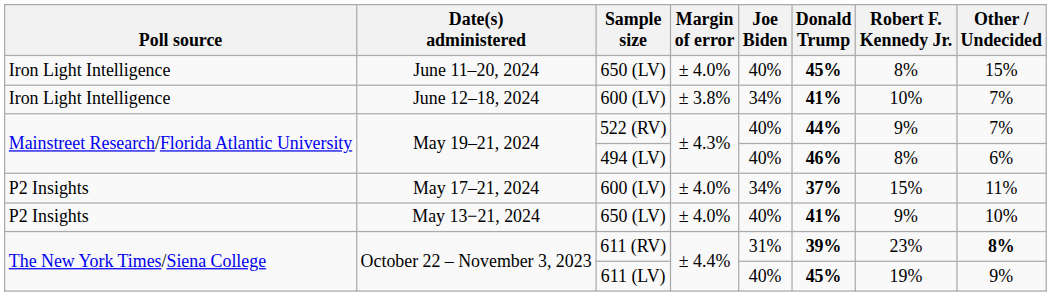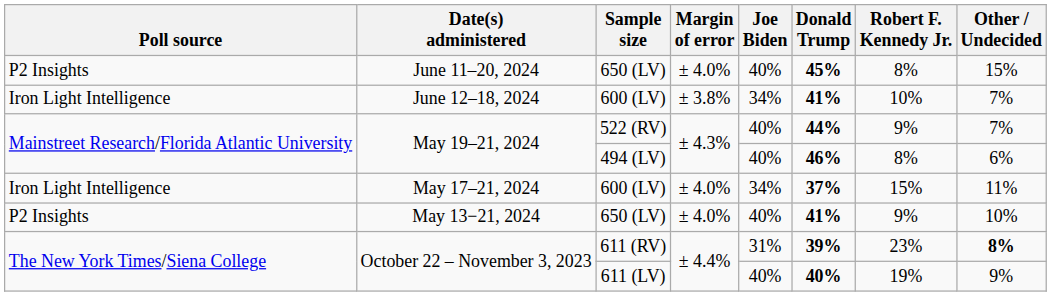 <table class="wikitable sortable mw-datatable" style="font-size:90%;text-align:center;line-height:17px">
 <tr valign=bottom>
 <th>Poll source</th>
 <th>Date(s)<br>administered</th>
 <th>Sample<br>size</th>
 <th>Margin<br>of error</th>
 <th class="unsortable">Joe<br>Biden<br></th>
 <th class="unsortable">Donald<br>Trump<br></th>
 <th class="unsortable">Robert F.<br>Kennedy Jr.<br></th>
 <th class="unsortable">Other /<br>Undecided</th>
 </tr>
 <tr>
-<td style="text-align:left;">Iron Light Intelligence</td>
+<td style="text-align:left;">P2 Insights</td>
 <td data-sort-value="2024-06-26">June 11–20, 2024</td>
 <td>650 (LV)</td>
 <td>± 4.0%</td>
 <td>40%</td>
 <td style="background-color:"><strong>45%</strong></td>
 <td>8%</td>
 <td>15%</td>
 </tr>
 <tr>
 <td style="text-align:left;">Iron Light Intelligence</td>
 <td data-sort-value="2024-06-25">June 12–18, 2024</td>
 <td>600 (LV)</td>
 <td>± 3.8%</td>
 <td>34%</td>
 <td style="background-color:"><strong>41%</strong></td>
 <td>10%</td>
 <td>7%</td>
 </tr>
 <tr>
 <td style="text-align:left;" rowspan="2"><a href='#'>Mainstreet Research</a>/<a href='#'>Florida Atlantic University</a></td>
 <td rowspan="2">May 19–21, 2024</td>
 <td>522 (RV)</td>
 <td rowspan="2">± 4.3%</td>
 <td>40%</td>
 <td style="background-color:"><strong>44%</strong></td>
 <td>9%</td>
 <td>7%</td>
 </tr>
 <tr>
 <td>494 (LV)</td>
 <td>40%</td>
 <td style="background-color:"><strong>46%</strong></td>
 <td>8%</td>
 <td>6%</td>
 </tr>
 <tr>
-<td style="text-align:left;">P2 Insights</td>
+<td style="text-align:left;">Iron Light Intelligence</td>
 <td data-sort-value="2024-05-22">May 17–21, 2024</td>
 <td>600 (LV)</td>
 <td>± 4.0%</td>
 <td>34%</td>
 <td style="background-color:"><strong>37%</strong></td>
 <td>15%</td>
 <td>11%</td>
 </tr>
 <tr>
 <td style="text-align:left;">P2 Insights</td>
 <td data-sort-value="2024-05-21">May 13−21, 2024</td>
 <td>650 (LV)</td>
 <td>± 4.0%</td>
 <td>40%</td>
 <td style="background-color:"><strong>41%</strong></td>
 <td>9%</td>
 <td>10%</td>
 </tr>
 <tr>
 <td style="text-align:left;" rowspan="2"><a href='#'>The New York Times</a>/<a href='#'>Siena College</a></td>
 <td rowspan="2">October 22 – November 3, 2023</td>
 <td>611 (RV)</td>
 <td rowspan="2">± 4.4%</td>
 <td>31%</td>
 <td style="background-color:"><strong>39%</strong></td>
 <td>23%</td>
 <td><strong>8%</strong></td>
 </tr>
 <tr>
 <td>611 (LV)</td>
 <td>40%</td>
-<td style="background-color:"><strong>45%</strong></td>
+<td style="background-color:"><strong>40%</strong></td>
 <td>19%</td>
 <td>9%</td>
 </tr>
 </table>
